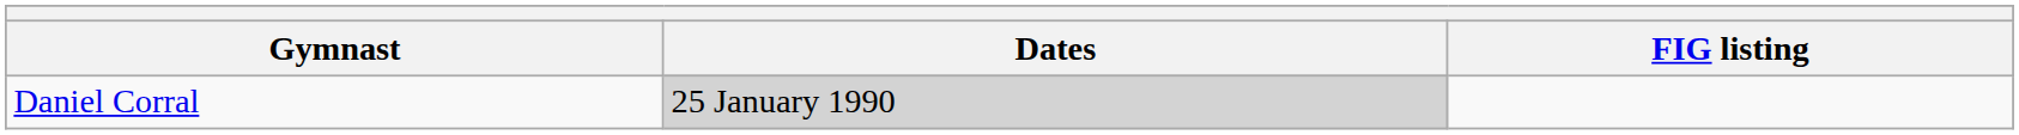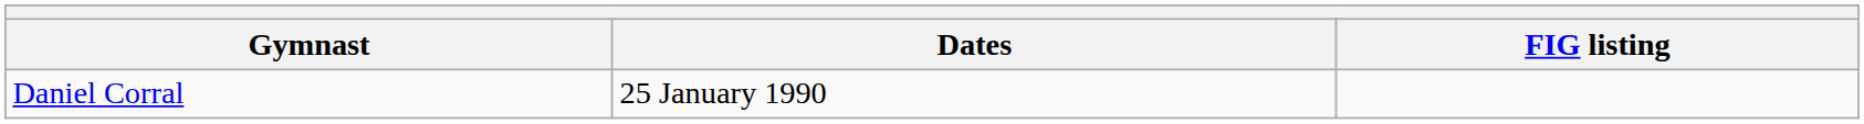 <table class="wikitable mw-collapsible mw-collapsed" width="75%">
 <tr>
 <th colspan="3"></th>
 </tr>
 <tr>
 <th>Gymnast</th>
 <th>Dates</th>
 <th><a href='#'>FIG</a> listing</th>
 </tr>
 <tr>
 <td><a href='#'>Daniel Corral</a></td>
-<td style="background: lightgrey;">25 January 1990</td>
+<td>25 January 1990</td>
 <td></td>
 </tr>
 </table>
